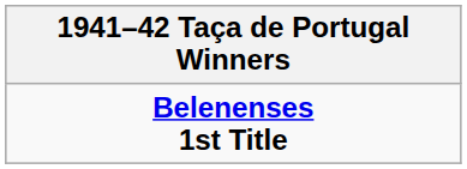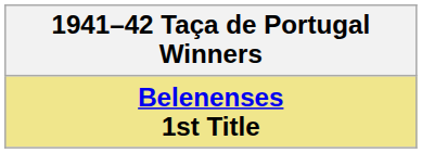 <table class="wikitable" style="text-align: center; margin: 0 auto; width: 20%">
 <tr>
 <th>1941–42 Taça de Portugal Winners</th>
 </tr>
 <tr>
-<td><strong><a href='#'>Belenenses</a></strong><br><strong>1st Title</strong></td>
+<td style="background: khaki;"><strong><a href='#'>Belenenses</a></strong><br><strong>1st Title</strong></td>
 </tr>
 </table>
